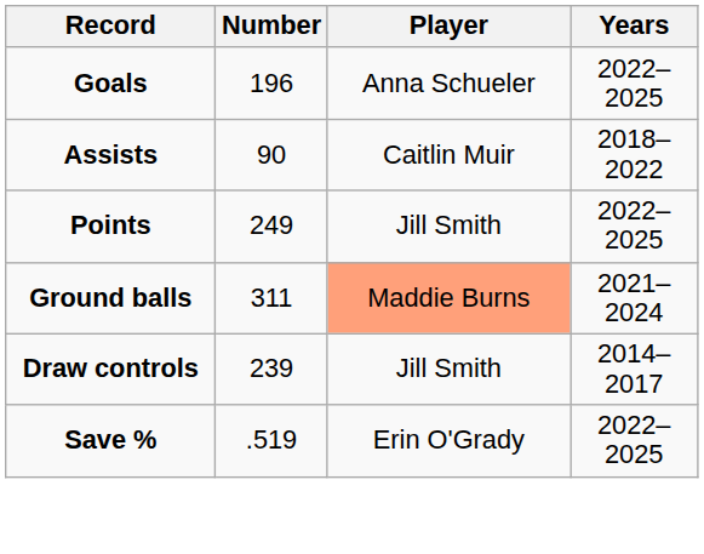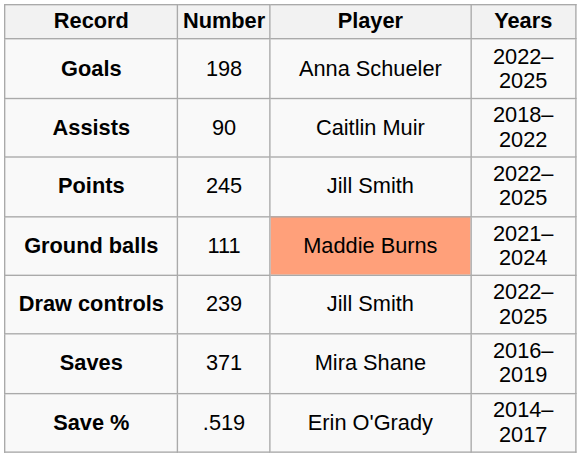 <table class="wikitable">
 <tr>
 <th style="width:120px; ">Record</th>
 <th style="width:35px; ">Number</th>
 <th style="width:140px; ">Player</th>
 <th style="width:70px; ">Years</th>
 </tr>
 <tr style="text-align:center;">
 <td><strong>Goals</strong></td>
-<td>196</td>
+<td>198</td>
 <td>Anna Schueler</td>
 <td>2022–2025</td>
 </tr>
 <tr style="text-align:center;">
 <td><strong>Assists</strong></td>
 <td>90</td>
 <td>Caitlin Muir</td>
 <td>2018–2022</td>
 </tr>
 <tr style="text-align:center;">
 <td><strong>Points</strong></td>
-<td>249</td>
+<td>245</td>
 <td>Jill Smith</td>
 <td>2022–2025</td>
 </tr>
 <tr style="text-align:center;">
 <td><strong>Ground balls</strong></td>
-<td>311</td>
+<td>111</td>
 <td style="background: lightsalmon;">Maddie Burns</td>
 <td>2021–2024</td>
 </tr>
 <tr style="text-align:center;">
 <td><strong>Draw controls</strong></td>
 <td>239</td>
 <td>Jill Smith</td>
-<td>2014–2017</td>
+<td>2022–2025</td>
+</tr>
+<tr style="text-align:center;">
+<td><strong>Saves</strong></td>
+<td>371</td>
+<td>Mira Shane</td>
+<td>2016–2019</td>
 </tr>
 <tr style="text-align:center;">
 <td><strong>Save %</strong></td>
 <td>.519</td>
 <td>Erin O'Grady</td>
-<td>2022–2025</td>
+<td>2014–2017</td>
 </tr>
 </table>
